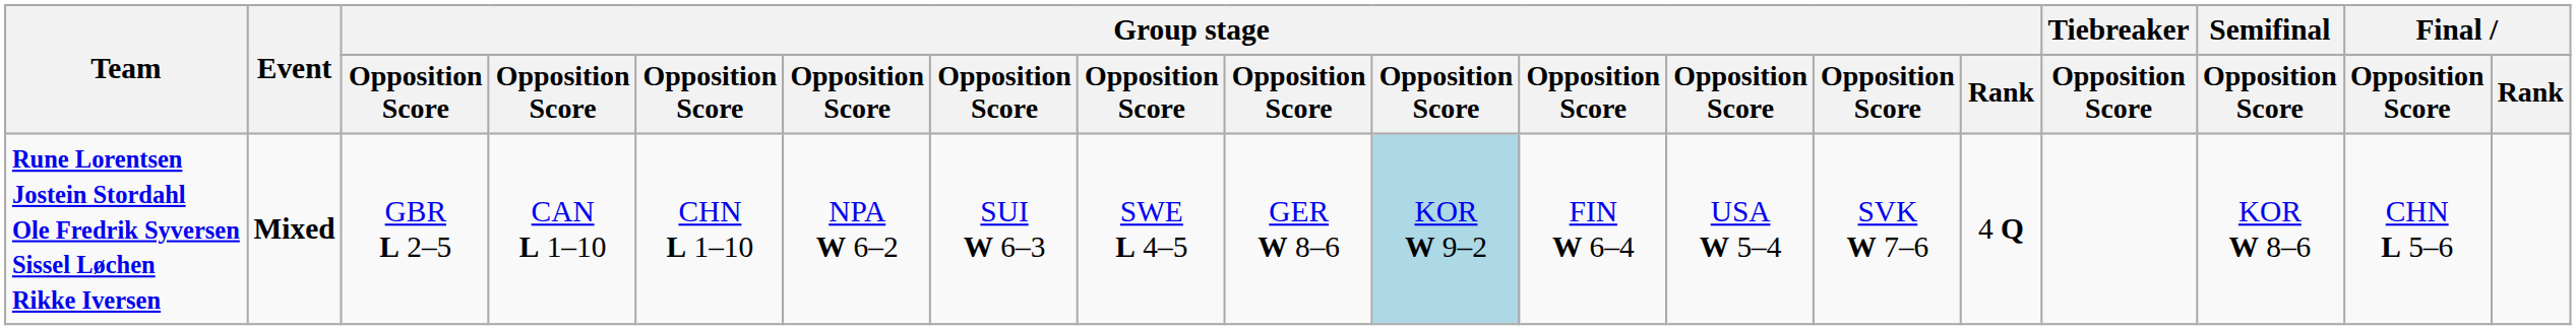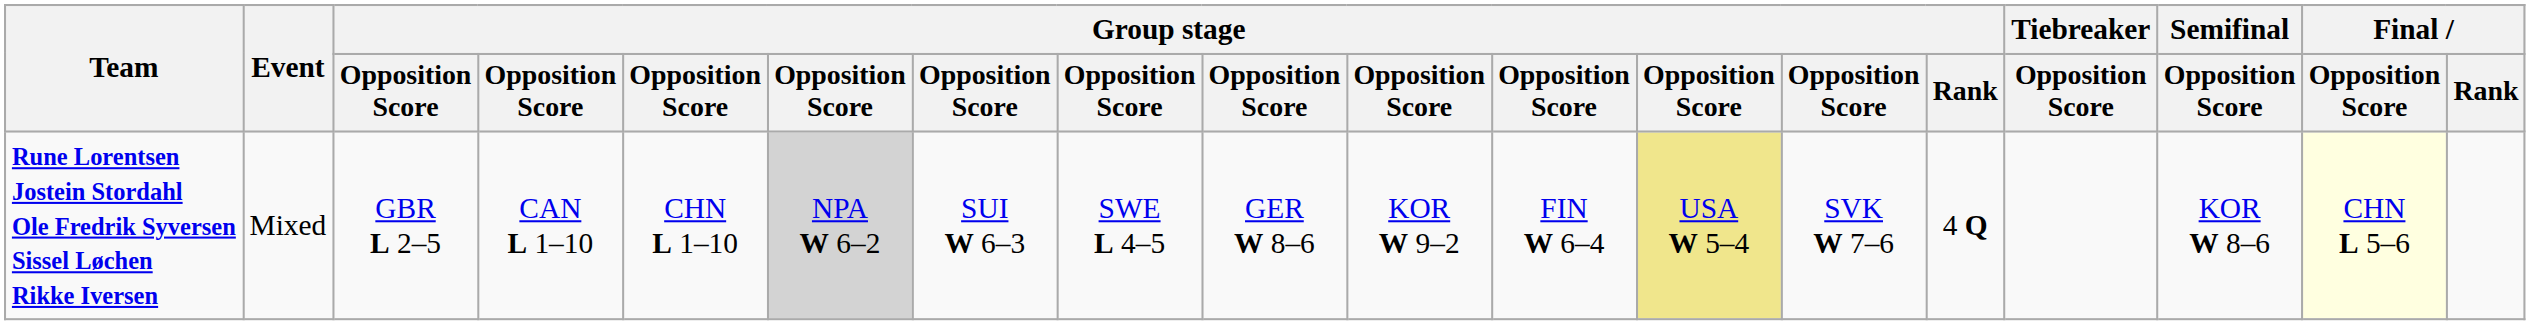 <table class=wikitable style="font-size:90%">
 <tr>
 <th rowspan=2>Team</th>
 <th rowspan=2>Event</th>
 <th colspan=12>Group stage</th>
 <th>Tiebreaker</th>
 <th>Semifinal</th>
 <th colspan=2>Final / </th>
 </tr>
 <tr style="font-size:95%">
 <th>Opposition<br>Score</th>
 <th>Opposition<br>Score</th>
 <th>Opposition<br>Score</th>
 <th>Opposition<br>Score</th>
 <th>Opposition<br>Score</th>
 <th>Opposition<br>Score</th>
 <th>Opposition<br>Score</th>
 <th>Opposition<br>Score</th>
 <th>Opposition<br>Score</th>
 <th>Opposition<br>Score</th>
 <th>Opposition<br>Score</th>
 <th>Rank</th>
 <th>Opposition<br>Score</th>
 <th>Opposition<br>Score</th>
 <th>Opposition<br>Score</th>
 <th>Rank</th>
 </tr>
 <tr align="center">
 <td align="left"><strong><small><a href='#'>Rune Lorentsen</a><br><a href='#'>Jostein Stordahl</a><br><a href='#'>Ole Fredrik Syversen</a><br><a href='#'>Sissel Løchen</a><br><a href='#'>Rikke Iversen</a></small></strong></td>
-<td><strong>Mixed</strong></td>
+<td>Mixed</td>
 <td> <a href='#'>GBR</a><br> <strong>L</strong> 2–5</td>
 <td> <a href='#'>CAN</a><br> <strong>L</strong> 1–10</td>
 <td> <a href='#'>CHN</a><br> <strong>L</strong> 1–10</td>
-<td> <a href='#'>NPA</a><br> <strong>W</strong> 6–2</td>
+<td style="background: lightgrey;"> <a href='#'>NPA</a><br> <strong>W</strong> 6–2</td>
 <td> <a href='#'>SUI</a><br> <strong>W</strong> 6–3</td>
 <td> <a href='#'>SWE</a><br> <strong>L</strong> 4–5</td>
 <td> <a href='#'>GER</a><br> <strong>W</strong> 8–6</td>
-<td style="background: lightblue;"> <a href='#'>KOR</a><br> <strong>W</strong> 9–2</td>
+<td> <a href='#'>KOR</a><br> <strong>W</strong> 9–2</td>
 <td> <a href='#'>FIN</a><br> <strong>W</strong> 6–4</td>
-<td> <a href='#'>USA</a><br> <strong>W</strong> 5–4</td>
+<td style="background: khaki;"> <a href='#'>USA</a><br> <strong>W</strong> 5–4</td>
 <td> <a href='#'>SVK</a><br> <strong>W</strong> 7–6</td>
 <td>4 <strong>Q</strong></td>
 <td></td>
 <td> <a href='#'>KOR</a><br> <strong>W</strong> 8–6</td>
-<td> <a href='#'>CHN</a><br> <strong>L</strong> 5–6</td>
+<td style="background: lightyellow;"> <a href='#'>CHN</a><br> <strong>L</strong> 5–6</td>
 <td></td>
 </tr>
 </table>
